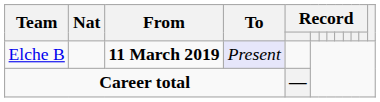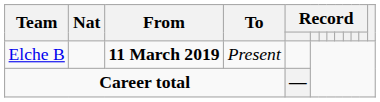 <table class="wikitable" style="text-align: center">
 <tr>
 <th rowspan="2">Team</th>
 <th rowspan="2">Nat</th>
 <th rowspan="2">From</th>
 <th rowspan="2">To</th>
 <th colspan="8">Record</th>
 <th rowspan=2></th>
 </tr>
 <tr>
 <th></th>
 <th></th>
 <th></th>
 <th></th>
 <th></th>
 <th></th>
 <th></th>
 <th></th>
 </tr>
 <tr>
 <td align="left"><a href='#'>Elche B</a></td>
 <td></td>
 <td align=left><strong>11 March 2019</strong></td>
-<td align=left style="background: lavender;"><em>Present</em><br></td>
+<td align=left><em>Present</em><br></td>
 <td></td>
 </tr>
 <tr>
 <td colspan=4><strong>Career total</strong><br></td>
 <th>—</th>
 </tr>
 </table>
